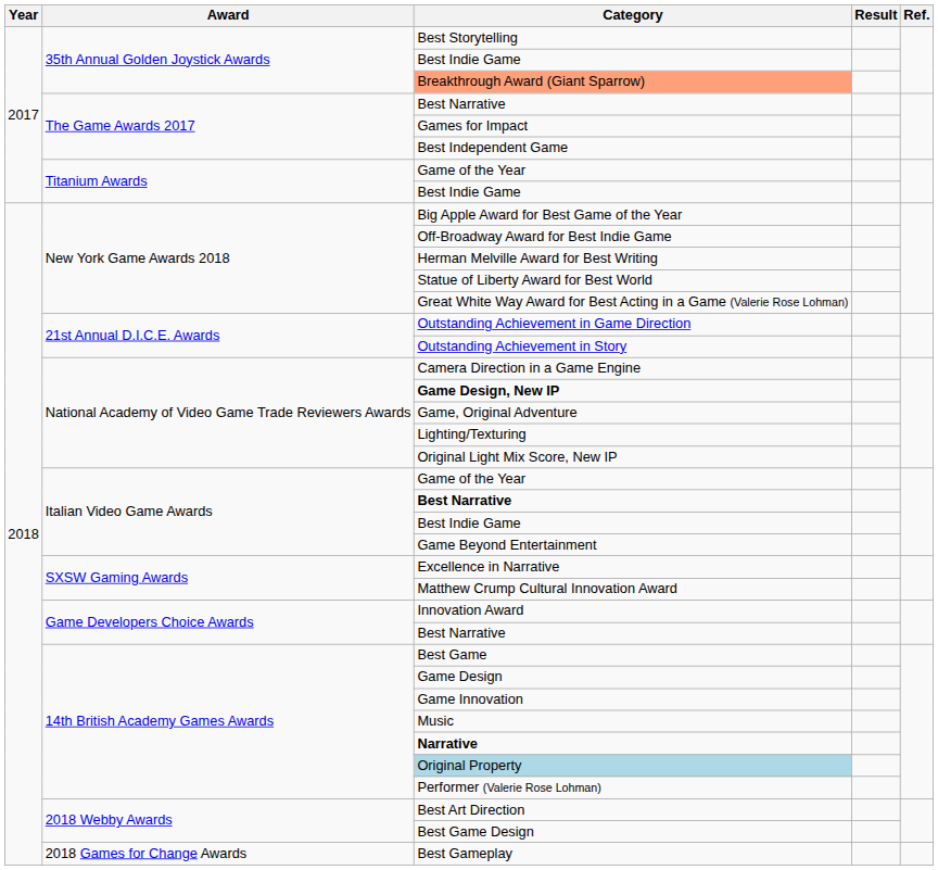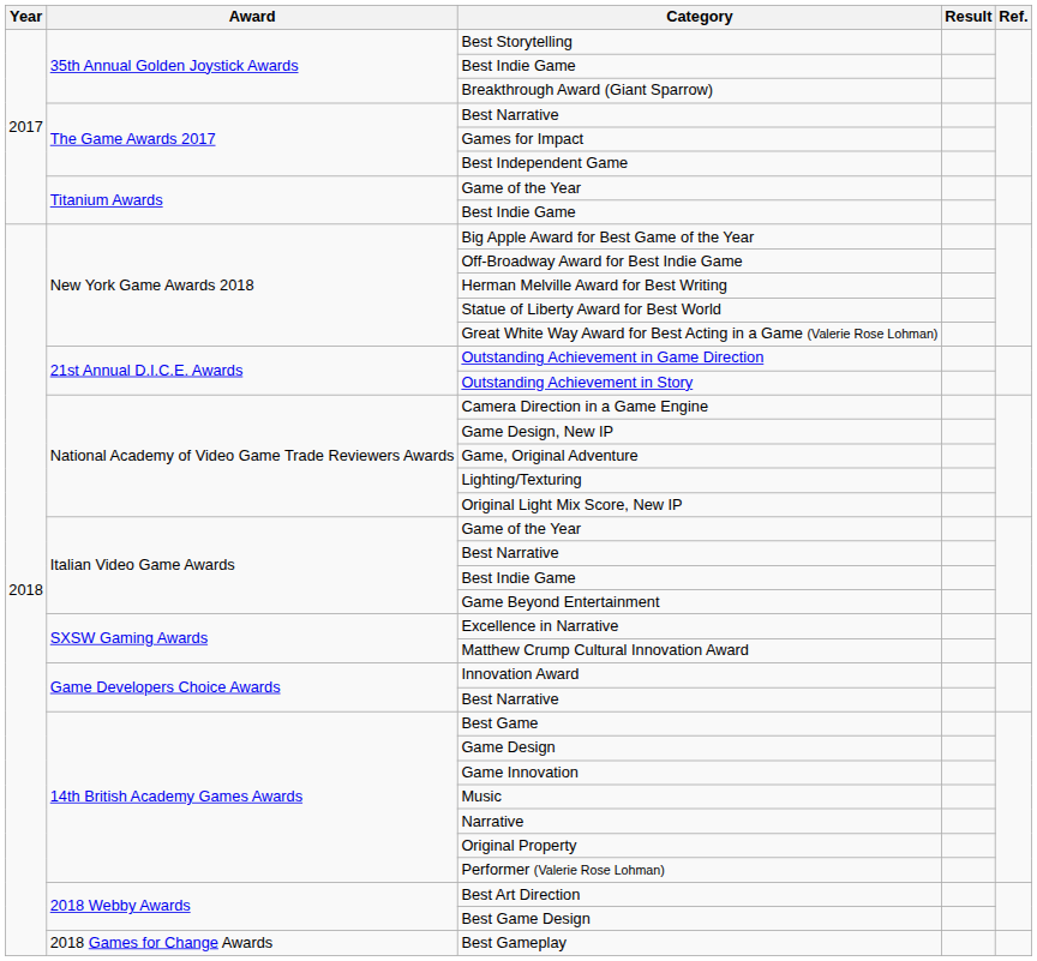 <table class="wikitable sortable">
 <tr>
 <th>Year</th>
 <th>Award</th>
 <th>Category</th>
 <th>Result</th>
 <th>Ref.</th>
 </tr>
 <tr>
 <td align="center" rowspan="8">2017</td>
 <td rowspan="3"><a href='#'>35th Annual Golden Joystick Awards</a></td>
 <td>Best Storytelling</td>
 <td></td>
 <td align="center" rowspan="3"></td>
 </tr>
 <tr>
 <td>Best Indie Game</td>
 <td></td>
 </tr>
 <tr>
-<td style="background: lightsalmon;">Breakthrough Award (Giant Sparrow)</td>
+<td>Breakthrough Award (Giant Sparrow)</td>
 <td></td>
 </tr>
 <tr>
 <td rowspan="3"><a href='#'>The Game Awards 2017</a></td>
 <td>Best Narrative</td>
 <td></td>
 <td align="center" rowspan="3"></td>
 </tr>
 <tr>
 <td>Games for Impact</td>
 <td></td>
 </tr>
 <tr>
 <td>Best Independent Game</td>
 <td></td>
 </tr>
 <tr>
 <td rowspan="2"><a href='#'>Titanium Awards</a></td>
 <td>Game of the Year</td>
 <td></td>
 <td align="center" rowspan="2"></td>
 </tr>
 <tr>
 <td>Best Indie Game</td>
 <td></td>
 </tr>
 <tr>
 <td align="center" rowspan="30">2018</td>
 <td rowspan="5">New York Game Awards 2018</td>
 <td>Big Apple Award for Best Game of the Year</td>
 <td></td>
 <td align="center" rowspan="5"></td>
 </tr>
 <tr>
 <td>Off-Broadway Award for Best Indie Game</td>
 <td></td>
 </tr>
 <tr>
 <td>Herman Melville Award for Best Writing</td>
 <td></td>
 </tr>
 <tr>
 <td>Statue of Liberty Award for Best World</td>
 <td></td>
 </tr>
 <tr>
 <td>Great White Way Award for Best Acting in a Game <small>(Valerie Rose Lohman)</small></td>
 <td></td>
 </tr>
 <tr>
 <td rowspan="2"><a href='#'>21st Annual D.I.C.E. Awards</a></td>
 <td><a href='#'>Outstanding Achievement in Game Direction</a></td>
 <td></td>
 <td align="center" rowspan="2"></td>
 </tr>
 <tr>
 <td><a href='#'>Outstanding Achievement in Story</a></td>
 <td></td>
 </tr>
 <tr>
 <td rowspan="5">National Academy of Video Game Trade Reviewers Awards</td>
 <td>Camera Direction in a Game Engine</td>
 <td></td>
 <td align="center" rowspan="5"></td>
 </tr>
 <tr>
-<td><strong>Game Design, New IP</strong></td>
+<td>Game Design, New IP</td>
 <td></td>
 </tr>
 <tr>
 <td>Game, Original Adventure</td>
 <td></td>
 </tr>
 <tr>
 <td>Lighting/Texturing</td>
 <td></td>
 </tr>
 <tr>
 <td>Original Light Mix Score, New IP</td>
 <td></td>
 </tr>
 <tr>
 <td rowspan="4">Italian Video Game Awards</td>
 <td>Game of the Year</td>
 <td></td>
 <td align="center" rowspan="4"></td>
 </tr>
 <tr>
-<td><strong>Best Narrative</strong></td>
+<td>Best Narrative</td>
 <td></td>
 </tr>
 <tr>
 <td>Best Indie Game</td>
 <td></td>
 </tr>
 <tr>
 <td>Game Beyond Entertainment</td>
 <td></td>
 </tr>
 <tr>
 <td rowspan="2"><a href='#'>SXSW Gaming Awards</a></td>
 <td>Excellence in Narrative</td>
 <td></td>
 <td align="center" rowspan="2"></td>
 </tr>
 <tr>
 <td>Matthew Crump Cultural Innovation Award</td>
 <td></td>
 </tr>
 <tr>
 <td rowspan="2"><a href='#'>Game Developers Choice Awards</a></td>
 <td>Innovation Award</td>
 <td></td>
 <td align="center" rowspan="2"></td>
 </tr>
 <tr>
 <td>Best Narrative</td>
 <td></td>
 </tr>
 <tr>
 <td rowspan="7"><a href='#'>14th British Academy Games Awards</a></td>
 <td>Best Game</td>
 <td></td>
 <td align="center" rowspan="7"></td>
 </tr>
 <tr>
 <td>Game Design</td>
 <td></td>
 </tr>
 <tr>
 <td>Game Innovation</td>
 <td></td>
 </tr>
 <tr>
 <td>Music</td>
 <td></td>
 </tr>
 <tr>
-<td><strong>Narrative</strong></td>
+<td>Narrative</td>
 <td></td>
 </tr>
 <tr>
-<td style="background: lightblue;">Original Property</td>
+<td>Original Property</td>
 <td></td>
 </tr>
 <tr>
 <td>Performer <small>(Valerie Rose Lohman)</small></td>
 <td></td>
 </tr>
 <tr>
 <td rowspan="2"><a href='#'>2018 Webby Awards</a></td>
 <td>Best Art Direction</td>
 <td></td>
 <td align="center" rowspan="2"></td>
 </tr>
 <tr>
 <td>Best Game Design</td>
 <td></td>
 </tr>
 <tr>
 <td rowspan="1">2018 <a href='#'>Games for Change</a> Awards</td>
 <td>Best Gameplay</td>
 <td></td>
 <td align="center" rowspan="1"></td>
 </tr>
 </table>
